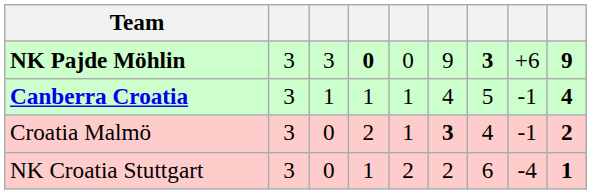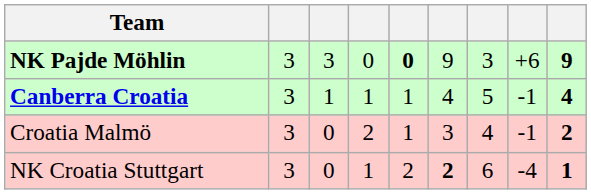 <table class="wikitable" style="text-align:center;">
 <tr>
 <th width=175>Team</th>
 <th width=20 abbr="Played"></th>
 <th width=20 abbr="Won"></th>
 <th width=20 abbr="Drawn"></th>
 <th width=20 abbr="Lost"></th>
 <th width=20 abbr="Goals for"></th>
 <th width=20 abbr="Goals against"></th>
 <th width=20 abbr="Goal difference"></th>
 <th width=20 abbr="Points"></th>
 </tr>
 <tr bgcolor=#ccffcc>
 <td align="left"><strong>NK Pajde Möhlin</strong></td>
 <td>3</td>
 <td>3</td>
+<td>0</td>
 <td><strong>0</strong></td>
-<td>0</td>
 <td>9</td>
-<td><strong>3</strong></td>
+<td>3</td>
 <td>+6</td>
 <td><strong>9</strong></td>
 </tr>
 <tr bgcolor=#ccffcc>
 <td align="left"><strong><a href='#'>Canberra Croatia</a></strong></td>
 <td>3</td>
 <td>1</td>
 <td>1</td>
 <td>1</td>
 <td>4</td>
 <td>5</td>
 <td>-1</td>
 <td><strong>4</strong></td>
 </tr>
 <tr bgcolor=#ffcccc>
 <td align="left">Croatia Malmö</td>
 <td>3</td>
 <td>0</td>
 <td>2</td>
 <td>1</td>
-<td><strong>3</strong></td>
+<td>3</td>
 <td>4</td>
 <td>-1</td>
 <td><strong>2</strong></td>
 </tr>
 <tr bgcolor=#ffcccc>
 <td align="left">NK Croatia Stuttgart</td>
 <td>3</td>
 <td>0</td>
 <td>1</td>
 <td>2</td>
-<td>2</td>
+<td><strong>2</strong></td>
 <td>6</td>
 <td>-4</td>
 <td><strong>1</strong></td>
 </tr>
 </table>
